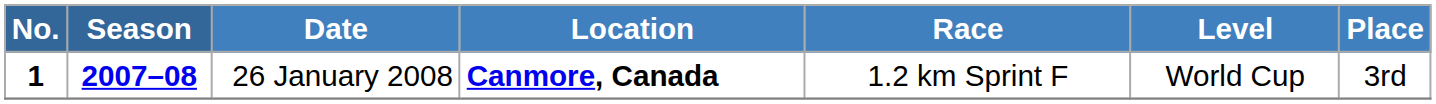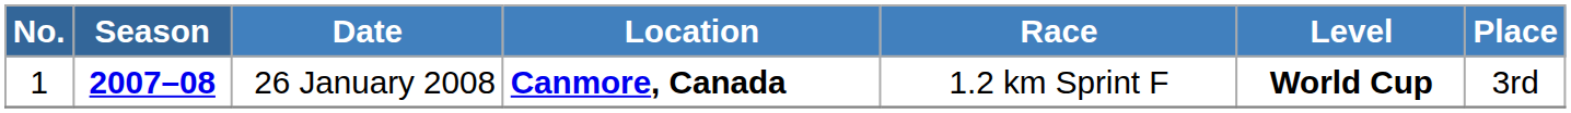 <table class="wikitable sortable" style="font-size:95%; text-align:center; border:grey solid 1px; border-collapse:collapse; background:#ffffff;">
 <tr style="background:#efefef;">
 <th style="background-color:#369; color:white;">No.</th>
 <th style="background-color:#369; color:white;">Season</th>
 <th style="background-color:#4180be; color:white; width:120px;">Date</th>
 <th style="background-color:#4180be; color:white; width:170px;">Location</th>
 <th style="background-color:#4180be; color:white; width:160px;">Race</th>
 <th style="background-color:#4180be; color:white; width:100px;">Level</th>
 <th style="background-color:#4180be; color:white;">Place</th>
 </tr>
 <tr>
-<td align=center><strong>1</strong></td>
+<td align=center>1</td>
 <td rowspan=1 align=center><strong> <a href='#'>2007–08</a> </strong></td>
 <td align=right>26 January 2008</td>
 <td align=left><strong> <a href='#'>Canmore</a>, Canada</strong></td>
 <td>1.2 km Sprint F</td>
-<td>World Cup</td>
+<td><strong>World Cup</strong></td>
 <td>3rd</td>
 </tr>
 <tr>
 </tr>
 </table>
